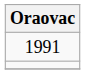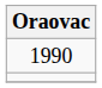 <table class="wikitable" style="margin: 0.5em auto; text-align: center;">
 <tr>
 <th colspan="1">Oraovac</th>
 </tr>
 <tr>
-<td>1991</td>
+<td>1990</td>
 </tr>
 <tr>
 <td></td>
 </tr>
 <tr>
 </tr>
 </table>
